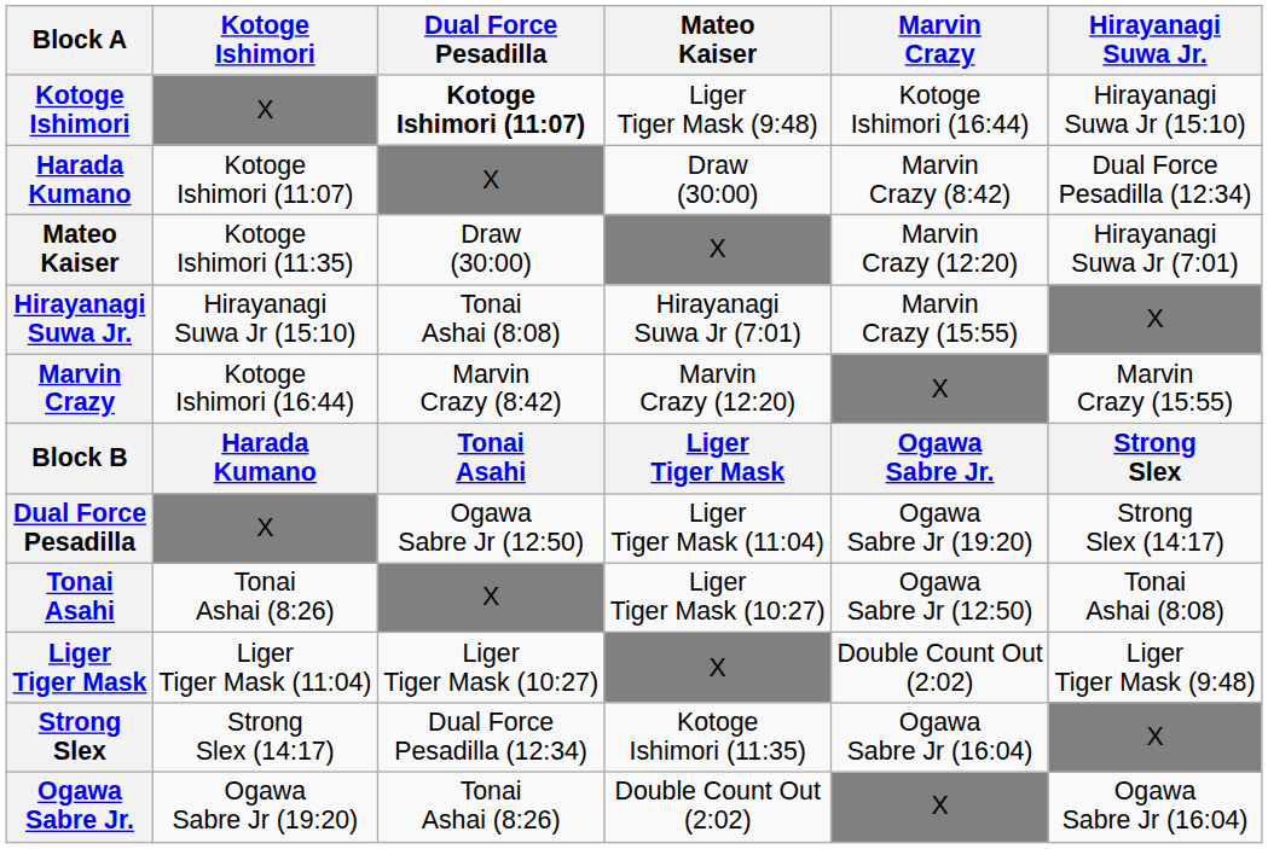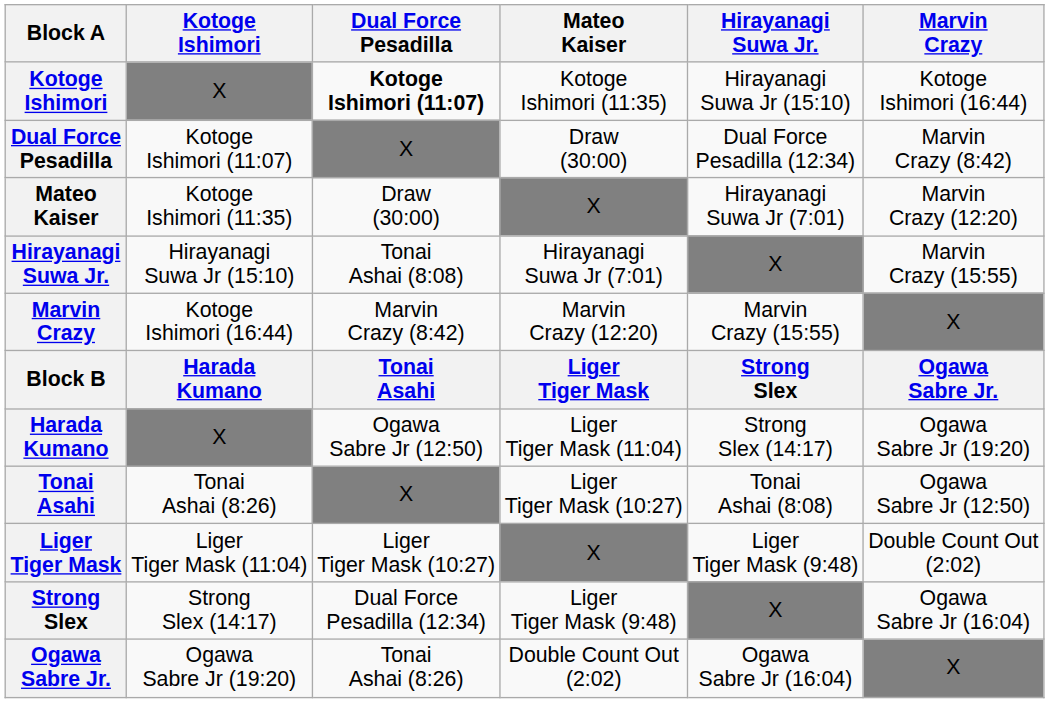 <table class="wikitable" style="margin: 1em auto 1em auto">
 <tr>
 <th>Block A</th>
 <th><a href='#'>Kotoge</a><br><a href='#'>Ishimori</a></th>
 <th><a href='#'>Dual Force</a><br>Pesadilla</th>
 <th>Mateo<br>Kaiser</th>
+<th><a href='#'>Hirayanagi</a><br><a href='#'>Suwa Jr.</a></th>
 <th><a href='#'>Marvin</a><br><a href='#'>Crazy</a></th>
-<th><a href='#'>Hirayanagi</a><br><a href='#'>Suwa Jr.</a></th>
 </tr>
 <tr align="center">
 <th><a href='#'>Kotoge</a><br><a href='#'>Ishimori</a></th>
 <td bgcolor=Grey>X</td>
 <td><strong>Kotoge<br>Ishimori (11:07)</strong></td>
-<td>Liger<br>Tiger Mask (9:48)</td>
+<td>Kotoge<br>Ishimori (11:35)</td>
+<td>Hirayanagi<br>Suwa Jr (15:10)</td>
 <td>Kotoge<br>Ishimori (16:44)</td>
-<td>Hirayanagi<br>Suwa Jr (15:10)</td>
 </tr>
 <tr align="center">
-<th><a href='#'>Harada</a><br><a href='#'>Kumano</a></th>
+<th><a href='#'>Dual Force</a><br>Pesadilla</th>
 <td>Kotoge<br>Ishimori (11:07)</td>
 <td bgcolor=Grey>X</td>
 <td>Draw<br> (30:00)</td>
+<td>Dual Force<br>Pesadilla (12:34)</td>
 <td>Marvin<br>Crazy (8:42)</td>
-<td>Dual Force<br>Pesadilla (12:34)</td>
 </tr>
 <tr align="center">
 <th>Mateo<br>Kaiser</th>
 <td>Kotoge<br>Ishimori (11:35)</td>
 <td>Draw<br> (30:00)</td>
 <td bgcolor=Grey>X</td>
+<td>Hirayanagi<br>Suwa Jr (7:01)</td>
 <td>Marvin<br>Crazy (12:20)</td>
-<td>Hirayanagi<br>Suwa Jr (7:01)</td>
 </tr>
 <tr align="center">
 <th><a href='#'>Hirayanagi</a><br><a href='#'>Suwa Jr.</a></th>
 <td>Hirayanagi<br>Suwa Jr (15:10)</td>
 <td>Tonai<br>Ashai (8:08)</td>
 <td>Hirayanagi<br>Suwa Jr (7:01)</td>
+<td bgcolor=Grey>X</td>
 <td>Marvin<br>Crazy (15:55)</td>
-<td bgcolor=Grey>X</td>
 </tr>
 <tr align="center">
 <th><a href='#'>Marvin</a><br><a href='#'>Crazy</a></th>
 <td>Kotoge<br>Ishimori (16:44)</td>
 <td>Marvin<br>Crazy (8:42)</td>
 <td>Marvin<br>Crazy (12:20)</td>
+<td>Marvin<br>Crazy (15:55)</td>
 <td bgcolor=grey>X</td>
-<td>Marvin<br>Crazy (15:55)</td>
 </tr>
 <tr align="center">
 <th>Block B</th>
 <th><a href='#'>Harada</a><br><a href='#'>Kumano</a></th>
 <th><a href='#'>Tonai</a><br><a href='#'>Asahi</a></th>
 <th><a href='#'>Liger</a><br><a href='#'>Tiger Mask</a></th>
+<th><a href='#'>Strong</a><br>Slex</th>
 <th><a href='#'>Ogawa</a><br><a href='#'>Sabre Jr.</a></th>
-<th><a href='#'>Strong</a><br>Slex</th>
 </tr>
 <tr align="center">
-<th><a href='#'>Dual Force</a><br>Pesadilla</th>
+<th><a href='#'>Harada</a><br><a href='#'>Kumano</a></th>
 <td bgcolor=Grey>X</td>
 <td>Ogawa<br>Sabre Jr (12:50)</td>
 <td>Liger<br>Tiger Mask (11:04)</td>
+<td>Strong<br>Slex (14:17)</td>
 <td>Ogawa<br>Sabre Jr (19:20)</td>
-<td>Strong<br>Slex (14:17)</td>
 </tr>
 <tr align="center">
 <th><a href='#'>Tonai</a><br><a href='#'>Asahi</a></th>
 <td>Tonai<br>Ashai (8:26)</td>
 <td bgcolor=Grey>X</td>
 <td>Liger<br>Tiger Mask (10:27)</td>
+<td>Tonai<br>Ashai (8:08)</td>
 <td>Ogawa<br>Sabre Jr (12:50)</td>
-<td>Tonai<br>Ashai (8:08)</td>
 </tr>
 <tr align="center">
 <th><a href='#'>Liger</a><br><a href='#'>Tiger Mask</a></th>
 <td>Liger<br>Tiger Mask (11:04)</td>
 <td>Liger<br>Tiger Mask (10:27)</td>
 <td bgcolor=Grey>X</td>
+<td>Liger<br>Tiger Mask (9:48)</td>
 <td>Double Count Out<br> (2:02)</td>
-<td>Liger<br>Tiger Mask (9:48)</td>
 </tr>
 <tr align="center">
 <th><a href='#'>Strong</a><br>Slex</th>
 <td>Strong<br>Slex (14:17)</td>
 <td>Dual Force<br>Pesadilla (12:34)</td>
-<td>Kotoge<br>Ishimori (11:35)</td>
+<td>Liger<br>Tiger Mask (9:48)</td>
+<td bgcolor=Grey>X</td>
 <td>Ogawa<br>Sabre Jr (16:04)</td>
-<td bgcolor=Grey>X</td>
 </tr>
 <tr align="center">
 <th><a href='#'>Ogawa</a><br><a href='#'>Sabre Jr.</a></th>
 <td>Ogawa<br>Sabre Jr (19:20)</td>
 <td>Tonai<br>Ashai (8:26)</td>
 <td>Double Count Out<br> (2:02)</td>
+<td>Ogawa<br>Sabre Jr (16:04)</td>
 <td bgcolor=Grey>X</td>
-<td>Ogawa<br>Sabre Jr (16:04)</td>
 </tr>
 </table>
